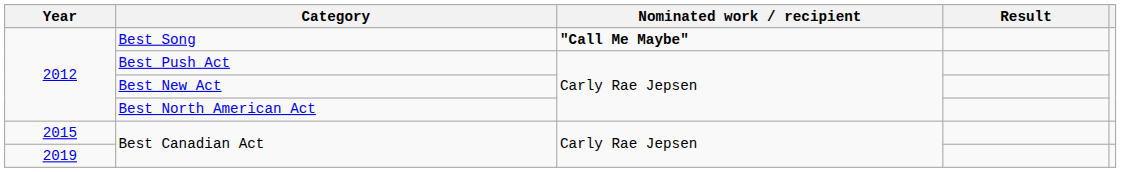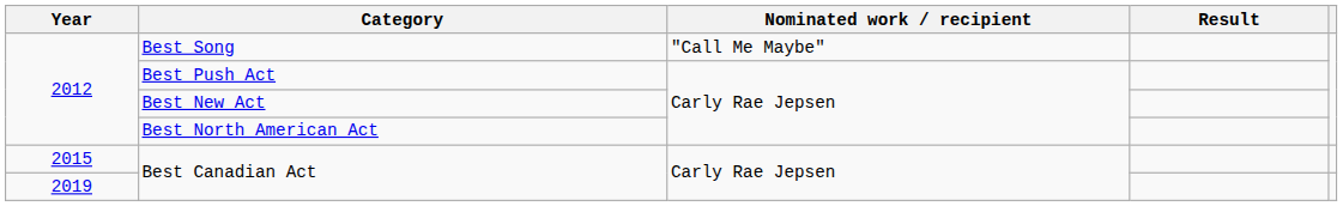 <table width="80%" class="wikitable">
 <tr>
 <th style="width:10%;">Year</th>
 <th style="width:40%;">Category</th>
 <th style="width:35%;">Nominated work / recipient</th>
 <th style="width:15%;">Result</th>
 <th></th>
 </tr>
 <tr>
 <td rowspan="4" style="text-align:center;"><a href='#'>2012</a></td>
 <td><a href='#'>Best Song</a></td>
-<td><strong>"Call Me Maybe"</strong></td>
+<td>"Call Me Maybe"</td>
 <td></td>
 <td rowspan="4" style="text-align:center;"></td>
 </tr>
 <tr>
 <td><a href='#'>Best Push Act</a></td>
 <td rowspan="3">Carly Rae Jepsen</td>
 <td></td>
 </tr>
 <tr>
 <td><a href='#'>Best New Act</a></td>
 <td></td>
 </tr>
 <tr>
 <td><a href='#'>Best North American Act</a></td>
 <td></td>
 </tr>
 <tr>
 <td style="text-align:center;"><a href='#'>2015</a></td>
 <td rowspan=2>Best Canadian Act</td>
 <td rowspan=2>Carly Rae Jepsen</td>
 <td></td>
 <td style="text-align:center;"></td>
 </tr>
 <tr>
 <td style="text-align:center;"><a href='#'>2019</a></td>
 <td></td>
 <td style="text-align:center;"></td>
 </tr>
 </table>
